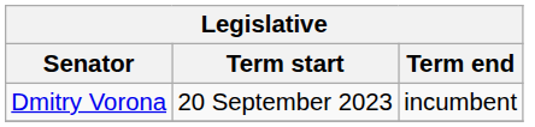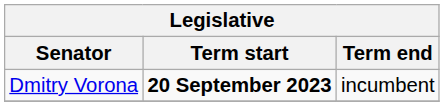 <table class="wikitable sortable">
 <tr>
 <th colspan=3>Legislative</th>
 </tr>
 <tr>
 <th>Senator</th>
 <th>Term start</th>
 <th>Term end</th>
 </tr>
 <tr>
 <td><a href='#'>Dmitry Vorona</a></td>
-<td>20 September 2023</td>
+<td><strong>20 September 2023</strong></td>
 <td>incumbent</td>
 </tr>
 <tr>
 </tr>
 </table>
